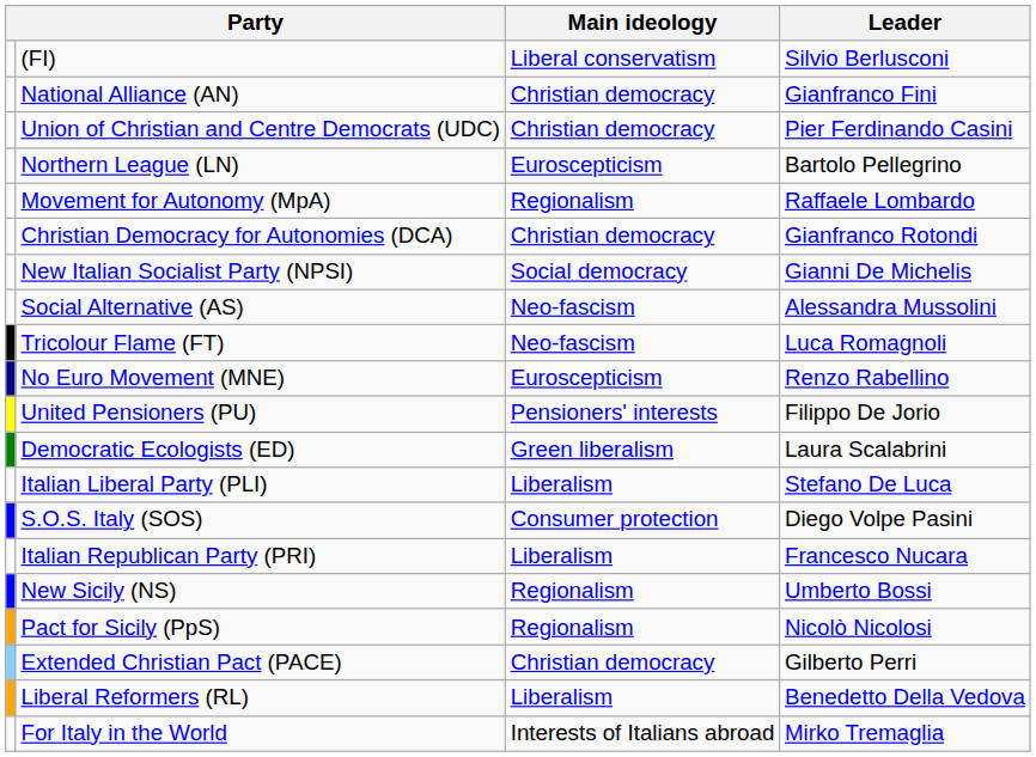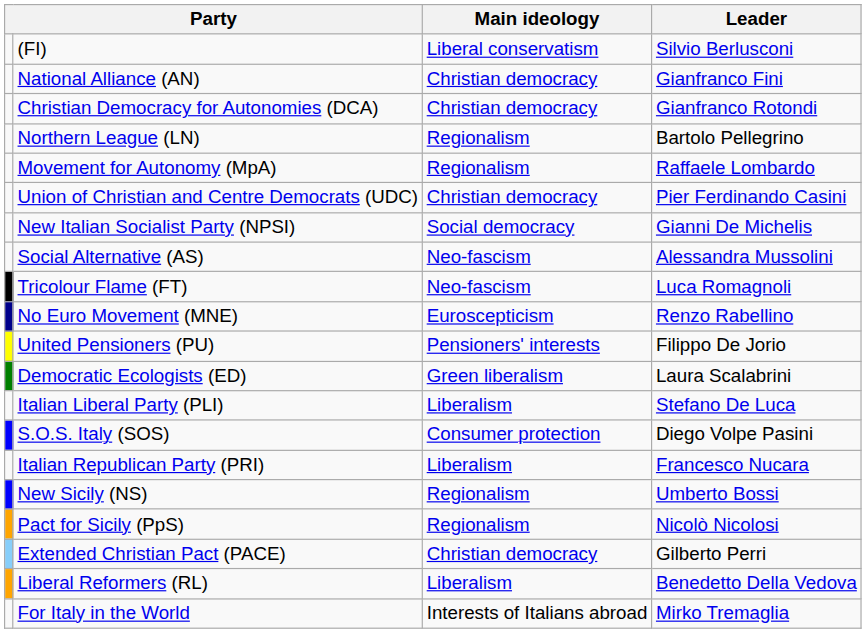 <table class=wikitable style=text-align:left>
 <tr>
 <th colspan=2>Party</th>
 <th>Main ideology</th>
 <th>Leader</th>
 </tr>
 <tr>
 <td></td>
 <td> (FI)</td>
 <td><a href='#'>Liberal conservatism</a></td>
 <td><a href='#'>Silvio Berlusconi</a></td>
 </tr>
 <tr>
 <td></td>
 <td><a href='#'>National Alliance</a> (AN)</td>
 <td><a href='#'>Christian democracy</a></td>
 <td><a href='#'>Gianfranco Fini</a></td>
 </tr>
 <tr>
 <td></td>
-<td><a href='#'>Union of Christian and Centre Democrats</a> (UDC)</td>
+<td><a href='#'>Christian Democracy for Autonomies</a> (DCA)</td>
 <td><a href='#'>Christian democracy</a></td>
-<td><a href='#'>Pier Ferdinando Casini</a></td>
+<td><a href='#'>Gianfranco Rotondi</a></td>
 </tr>
 <tr>
 <td></td>
 <td><a href='#'>Northern League</a> (LN)</td>
-<td><a href='#'>Euroscepticism</a></td>
+<td><a href='#'>Regionalism</a></td>
 <td>Bartolo Pellegrino</td>
 </tr>
 <tr>
 <td></td>
 <td><a href='#'>Movement for Autonomy</a> (MpA)</td>
 <td><a href='#'>Regionalism</a></td>
 <td><a href='#'>Raffaele Lombardo</a></td>
 </tr>
 <tr>
 <td></td>
-<td><a href='#'>Christian Democracy for Autonomies</a> (DCA)</td>
+<td><a href='#'>Union of Christian and Centre Democrats</a> (UDC)</td>
 <td><a href='#'>Christian democracy</a></td>
-<td><a href='#'>Gianfranco Rotondi</a></td>
+<td><a href='#'>Pier Ferdinando Casini</a></td>
 </tr>
 <tr>
 <td></td>
 <td><a href='#'>New Italian Socialist Party</a> (NPSI)</td>
 <td><a href='#'>Social democracy</a></td>
 <td><a href='#'>Gianni De Michelis</a></td>
 </tr>
 <tr>
 <td></td>
 <td><a href='#'>Social Alternative</a> (AS)</td>
 <td><a href='#'>Neo-fascism</a></td>
 <td><a href='#'>Alessandra Mussolini</a></td>
 </tr>
 <tr>
 <td bgcolor="black"></td>
 <td><a href='#'>Tricolour Flame</a> (FT)</td>
 <td><a href='#'>Neo-fascism</a></td>
 <td><a href='#'>Luca Romagnoli</a></td>
 </tr>
 <tr>
 <td bgcolor="darkblue"></td>
 <td><a href='#'>No Euro Movement</a> (MNE)</td>
 <td><a href='#'>Euroscepticism</a></td>
 <td><a href='#'>Renzo Rabellino</a></td>
 </tr>
 <tr>
 <td bgcolor="yellow"></td>
 <td><a href='#'>United Pensioners</a> (PU)</td>
 <td><a href='#'>Pensioners' interests</a></td>
 <td>Filippo De Jorio</td>
 </tr>
 <tr>
 <td bgcolor="green"></td>
 <td><a href='#'>Democratic Ecologists</a> (ED)</td>
 <td><a href='#'>Green liberalism</a></td>
 <td>Laura Scalabrini</td>
 </tr>
 <tr>
 <td></td>
 <td><a href='#'>Italian Liberal Party</a> (PLI)</td>
 <td><a href='#'>Liberalism</a></td>
 <td><a href='#'>Stefano De Luca</a></td>
 </tr>
 <tr>
 <td bgcolor="blue"></td>
 <td><a href='#'>S.O.S. Italy</a> (SOS)</td>
 <td><a href='#'>Consumer protection</a></td>
 <td>Diego Volpe Pasini</td>
 </tr>
 <tr>
 <td></td>
 <td><a href='#'>Italian Republican Party</a> (PRI)</td>
 <td><a href='#'>Liberalism</a></td>
 <td><a href='#'>Francesco Nucara</a></td>
 </tr>
 <tr>
 <td bgcolor="blue"></td>
 <td><a href='#'>New Sicily</a> (NS)</td>
 <td><a href='#'>Regionalism</a></td>
 <td><a href='#'>Umberto Bossi</a></td>
 </tr>
 <tr>
 <td bgcolor="orange"></td>
 <td><a href='#'>Pact for Sicily</a> (PpS)</td>
 <td><a href='#'>Regionalism</a></td>
 <td><a href='#'>Nicolò Nicolosi</a></td>
 </tr>
 <tr>
 <td bgcolor="lightskyblue"></td>
 <td><a href='#'>Extended Christian Pact</a> (PACE)</td>
 <td><a href='#'>Christian democracy</a></td>
 <td>Gilberto Perri</td>
 </tr>
 <tr>
 <td bgcolor="orange"></td>
 <td><a href='#'>Liberal Reformers</a> (RL)</td>
 <td><a href='#'>Liberalism</a></td>
 <td><a href='#'>Benedetto Della Vedova</a></td>
 </tr>
 <tr>
 <td></td>
 <td><a href='#'>For Italy in the World</a></td>
 <td>Interests of Italians abroad</td>
 <td><a href='#'>Mirko Tremaglia</a></td>
 </tr>
 </table>
